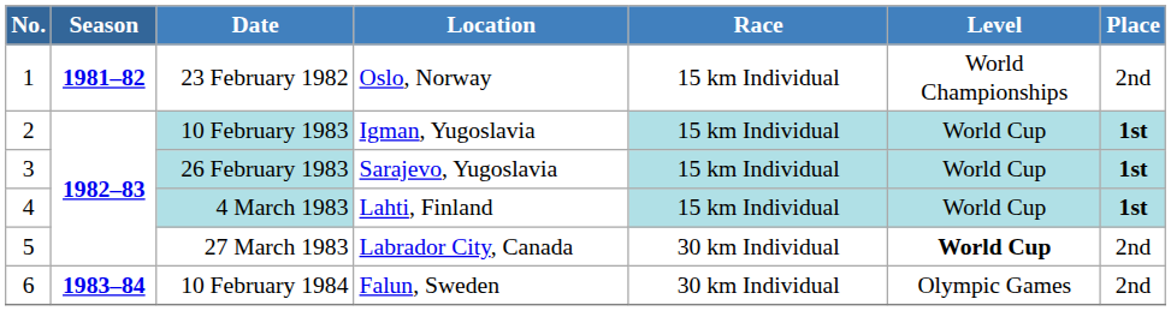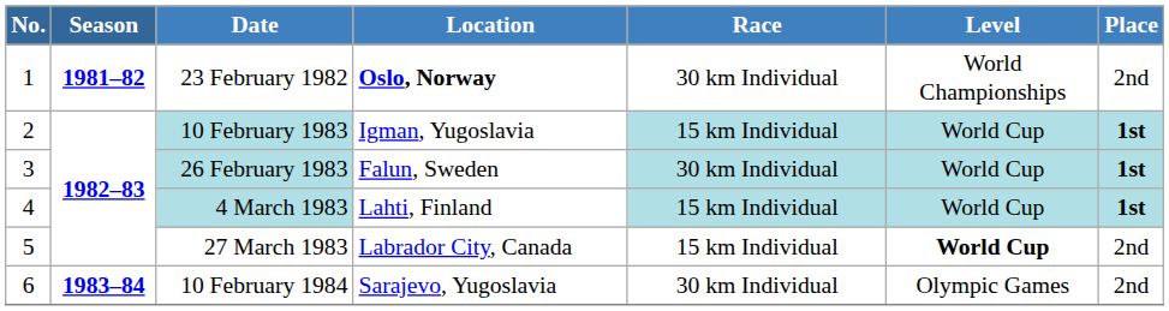 <table class="wikitable sortable" style="font-size:95%; text-align:center; border:grey solid 1px; border-collapse:collapse; background:#ffffff;">
 <tr style="background:#efefef;">
 <th style="background-color:#369; color:white;">No.</th>
 <th style="background-color:#369; color:white;">Season</th>
 <th style="background-color:#4180be; color:white; width:120px;">Date</th>
 <th style="background-color:#4180be; color:white; width:170px;">Location</th>
 <th style="background-color:#4180be; color:white; width:160px;">Race</th>
 <th style="background-color:#4180be; color:white; width:130px;">Level</th>
 <th style="background-color:#4180be; color:white;">Place</th>
 </tr>
 <tr>
 <td align=center>1</td>
 <td rowspan=1 align=center><strong> <a href='#'>1981–82</a> </strong></td>
 <td align=right>23 February 1982</td>
-<td align=left> <a href='#'>Oslo</a>, Norway</td>
-<td>15 km Individual</td>
+<td align=left><strong> <a href='#'>Oslo</a>, Norway</strong></td>
+<td>30 km Individual</td>
 <td>World Championships</td>
 <td>2nd</td>
 </tr>
 <tr>
 <td align=center>2</td>
 <td rowspan=4 align=center><strong><a href='#'>1982–83</a></strong></td>
 <td bgcolor="#BOEOE6" align=right>10 February 1983</td>
 <td align=left> <a href='#'>Igman</a>, Yugoslavia</td>
 <td bgcolor="#BOEOE6">15 km Individual</td>
 <td bgcolor="#BOEOE6">World Cup</td>
 <td bgcolor="#BOEOE6"><strong>1st</strong></td>
 </tr>
 <tr>
 <td align=center>3</td>
 <td bgcolor="#BOEOE6" align=right>26 February 1983</td>
-<td align=left> <a href='#'>Sarajevo</a>, Yugoslavia</td>
-<td bgcolor="#BOEOE6">15 km Individual</td>
+<td align=left> <a href='#'>Falun</a>, Sweden</td>
+<td bgcolor="#BOEOE6">30 km Individual</td>
 <td bgcolor="#BOEOE6">World Cup</td>
 <td bgcolor="#BOEOE6"><strong>1st</strong></td>
 </tr>
 <tr>
 <td align=center>4</td>
 <td bgcolor="#BOEOE6" align=right>4 March 1983</td>
 <td align=left> <a href='#'>Lahti</a>, Finland</td>
 <td bgcolor="#BOEOE6">15 km Individual</td>
 <td bgcolor="#BOEOE6">World Cup</td>
 <td bgcolor="#BOEOE6"><strong>1st</strong></td>
 </tr>
 <tr>
 <td align=center>5</td>
 <td align=right>27 March 1983</td>
 <td align=left> <a href='#'>Labrador City</a>, Canada</td>
-<td>30 km Individual</td>
+<td>15 km Individual</td>
 <td><strong>World Cup</strong></td>
 <td>2nd</td>
 </tr>
 <tr>
 <td align=center>6</td>
 <td rowspan=1 align=center><strong> <a href='#'>1983–84</a> </strong></td>
 <td align=right>10 February 1984</td>
-<td align=left> <a href='#'>Falun</a>, Sweden</td>
+<td align=left> <a href='#'>Sarajevo</a>, Yugoslavia</td>
 <td>30 km Individual</td>
 <td>Olympic Games</td>
 <td>2nd</td>
 </tr>
 <tr>
 </tr>
 </table>
